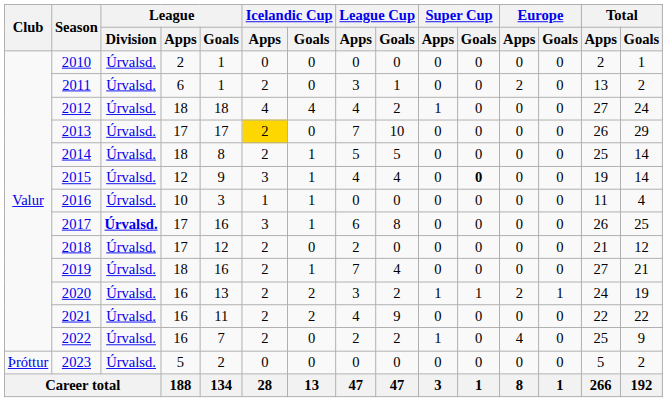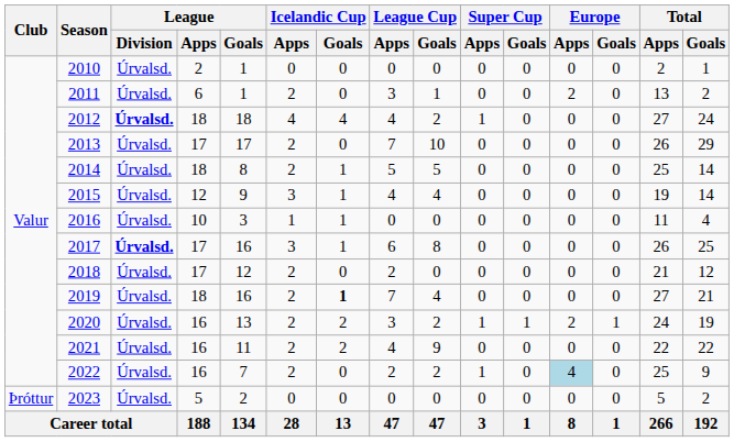 <table class="wikitable" style="text-align:center">
 <tr>
 <th rowspan="2">Club</th>
 <th rowspan="2">Season</th>
 <th colspan="3">League</th>
 <th colspan="2"><a href='#'>Icelandic Cup</a></th>
 <th colspan="2"><a href='#'>League Cup</a></th>
 <th colspan="2"><a href='#'>Super Cup</a></th>
 <th colspan="2"><a href='#'>Europe</a></th>
 <th colspan="2">Total</th>
 </tr>
 <tr>
 <th>Division</th>
 <th>Apps</th>
 <th>Goals</th>
 <th>Apps</th>
 <th>Goals</th>
 <th>Apps</th>
 <th>Goals</th>
 <th>Apps</th>
 <th>Goals</th>
 <th>Apps</th>
 <th>Goals</th>
 <th>Apps</th>
 <th>Goals</th>
 </tr>
 <tr>
 <td rowspan="13"><a href='#'>Valur</a></td>
 <td><a href='#'>2010</a></td>
 <td><a href='#'>Úrvalsd.</a></td>
 <td>2</td>
 <td>1</td>
 <td>0</td>
 <td>0</td>
 <td>0</td>
 <td>0</td>
 <td>0</td>
 <td>0</td>
 <td>0</td>
 <td>0</td>
 <td>2</td>
 <td>1</td>
 </tr>
 <tr>
 <td><a href='#'>2011</a></td>
 <td><a href='#'>Úrvalsd.</a></td>
 <td>6</td>
 <td>1</td>
 <td>2</td>
 <td>0</td>
 <td>3</td>
 <td>1</td>
 <td>0</td>
 <td>0</td>
 <td>2</td>
 <td>0</td>
 <td>13</td>
 <td>2</td>
 </tr>
 <tr>
 <td><a href='#'>2012</a></td>
-<td><a href='#'>Úrvalsd.</a></td>
+<td><strong><a href='#'>Úrvalsd.</a></strong></td>
 <td>18</td>
 <td>18</td>
 <td>4</td>
 <td>4</td>
 <td>4</td>
 <td>2</td>
 <td>1</td>
 <td>0</td>
 <td>0</td>
 <td>0</td>
 <td>27</td>
 <td>24</td>
 </tr>
 <tr>
 <td><a href='#'>2013</a></td>
 <td><a href='#'>Úrvalsd.</a></td>
 <td>17</td>
 <td>17</td>
-<td style="background: gold;">2</td>
+<td>2</td>
 <td>0</td>
 <td>7</td>
 <td>10</td>
 <td>0</td>
 <td>0</td>
 <td>0</td>
 <td>0</td>
 <td>26</td>
 <td>29</td>
 </tr>
 <tr>
 <td><a href='#'>2014</a></td>
 <td><a href='#'>Úrvalsd.</a></td>
 <td>18</td>
 <td>8</td>
 <td>2</td>
 <td>1</td>
 <td>5</td>
 <td>5</td>
 <td>0</td>
 <td>0</td>
 <td>0</td>
 <td>0</td>
 <td>25</td>
 <td>14</td>
 </tr>
 <tr>
 <td><a href='#'>2015</a></td>
 <td><a href='#'>Úrvalsd.</a></td>
 <td>12</td>
 <td>9</td>
 <td>3</td>
 <td>1</td>
 <td>4</td>
 <td>4</td>
 <td>0</td>
-<td><strong>0</strong></td>
+<td>0</td>
 <td>0</td>
 <td>0</td>
 <td>19</td>
 <td>14</td>
 </tr>
 <tr>
 <td><a href='#'>2016</a></td>
 <td><a href='#'>Úrvalsd.</a></td>
 <td>10</td>
 <td>3</td>
 <td>1</td>
 <td>1</td>
 <td>0</td>
 <td>0</td>
 <td>0</td>
 <td>0</td>
 <td>0</td>
 <td>0</td>
 <td>11</td>
 <td>4</td>
 </tr>
 <tr>
 <td><a href='#'>2017</a></td>
 <td><strong><a href='#'>Úrvalsd.</a></strong></td>
 <td>17</td>
 <td>16</td>
 <td>3</td>
 <td>1</td>
 <td>6</td>
 <td>8</td>
 <td>0</td>
 <td>0</td>
 <td>0</td>
 <td>0</td>
 <td>26</td>
 <td>25</td>
 </tr>
 <tr>
 <td><a href='#'>2018</a></td>
 <td><a href='#'>Úrvalsd.</a></td>
 <td>17</td>
 <td>12</td>
 <td>2</td>
 <td>0</td>
 <td>2</td>
 <td>0</td>
 <td>0</td>
 <td>0</td>
 <td>0</td>
 <td>0</td>
 <td>21</td>
 <td>12</td>
 </tr>
 <tr>
 <td><a href='#'>2019</a></td>
 <td><a href='#'>Úrvalsd.</a></td>
 <td>18</td>
 <td>16</td>
 <td>2</td>
-<td>1</td>
+<td><strong>1</strong></td>
 <td>7</td>
 <td>4</td>
 <td>0</td>
 <td>0</td>
 <td>0</td>
 <td>0</td>
 <td>27</td>
 <td>21</td>
 </tr>
 <tr>
 <td><a href='#'>2020</a></td>
 <td><a href='#'>Úrvalsd.</a></td>
 <td>16</td>
 <td>13</td>
 <td>2</td>
 <td>2</td>
 <td>3</td>
 <td>2</td>
 <td>1</td>
 <td>1</td>
 <td>2</td>
 <td>1</td>
 <td>24</td>
 <td>19</td>
 </tr>
 <tr>
 <td><a href='#'>2021</a></td>
 <td><a href='#'>Úrvalsd.</a></td>
 <td>16</td>
 <td>11</td>
 <td>2</td>
 <td>2</td>
 <td>4</td>
 <td>9</td>
 <td>0</td>
 <td>0</td>
 <td>0</td>
 <td>0</td>
 <td>22</td>
 <td>22</td>
 </tr>
 <tr>
 <td><a href='#'>2022</a></td>
 <td><a href='#'>Úrvalsd.</a></td>
 <td>16</td>
 <td>7</td>
 <td>2</td>
 <td>0</td>
 <td>2</td>
 <td>2</td>
 <td>1</td>
 <td>0</td>
-<td>4</td>
+<td style="background: lightblue;">4</td>
 <td>0</td>
 <td>25</td>
 <td>9</td>
 </tr>
 <tr>
 <td rowspan="1"><a href='#'>Þróttur</a></td>
 <td><a href='#'>2023</a></td>
 <td><a href='#'>Úrvalsd.</a></td>
 <td>5</td>
 <td>2</td>
 <td>0</td>
 <td>0</td>
 <td>0</td>
 <td>0</td>
 <td>0</td>
 <td>0</td>
 <td>0</td>
 <td>0</td>
 <td>5</td>
 <td>2</td>
 </tr>
 <tr>
 <th colspan=3>Career total</th>
 <th>188</th>
 <th>134</th>
 <th>28</th>
 <th>13</th>
 <th>47</th>
 <th>47</th>
 <th>3</th>
 <th>1</th>
 <th>8</th>
 <th>1</th>
 <th>266</th>
 <th>192</th>
 </tr>
 </table>
